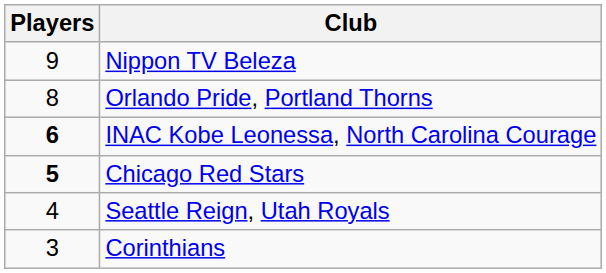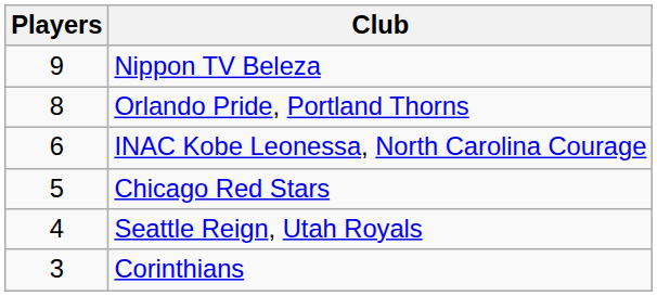 <table class="wikitable">
 <tr>
 <th>Players</th>
 <th>Club</th>
 </tr>
 <tr>
 <td align="center">9</td>
 <td> <a href='#'>Nippon TV Beleza</a></td>
 </tr>
 <tr>
 <td align="center">8</td>
 <td> <a href='#'>Orlando Pride</a>,  <a href='#'>Portland Thorns</a></td>
 </tr>
 <tr>
-<td align="center"><strong>6</strong></td>
+<td align="center">6</td>
 <td> <a href='#'>INAC Kobe Leonessa</a>,  <a href='#'>North Carolina Courage</a></td>
 </tr>
 <tr>
-<td align="center"><strong>5</strong></td>
+<td align="center">5</td>
 <td> <a href='#'>Chicago Red Stars</a></td>
 </tr>
 <tr>
 <td align="center">4</td>
 <td> <a href='#'>Seattle Reign</a>,  <a href='#'>Utah Royals</a></td>
 </tr>
 <tr>
 <td align="center">3</td>
 <td> <a href='#'>Corinthians</a></td>
 </tr>
 </table>
